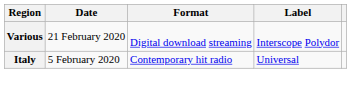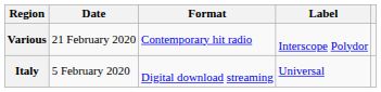 <table class="wikitable plainrowheaders">
 <tr>
 <th scope="col">Region</th>
 <th scope="col">Date</th>
 <th scope="col">Format</th>
 <th scope="col">Label</th>
 <th scope="col"></th>
 </tr>
 <tr>
 <th scope="row">Various</th>
 <td>21 February 2020</td>
-<td><br><a href='#'>Digital download</a> <a href='#'>streaming</a></td>
+<td><a href='#'>Contemporary hit radio</a></td>
 <td><br><a href='#'>Interscope</a> <a href='#'>Polydor</a></td>
 <td></td>
 </tr>
 <tr>
 <th scope="row">Italy</th>
 <td>5 February 2020</td>
-<td><a href='#'>Contemporary hit radio</a></td>
+<td><br><a href='#'>Digital download</a> <a href='#'>streaming</a></td>
 <td><a href='#'>Universal</a></td>
 <td></td>
 </tr>
 </table>
